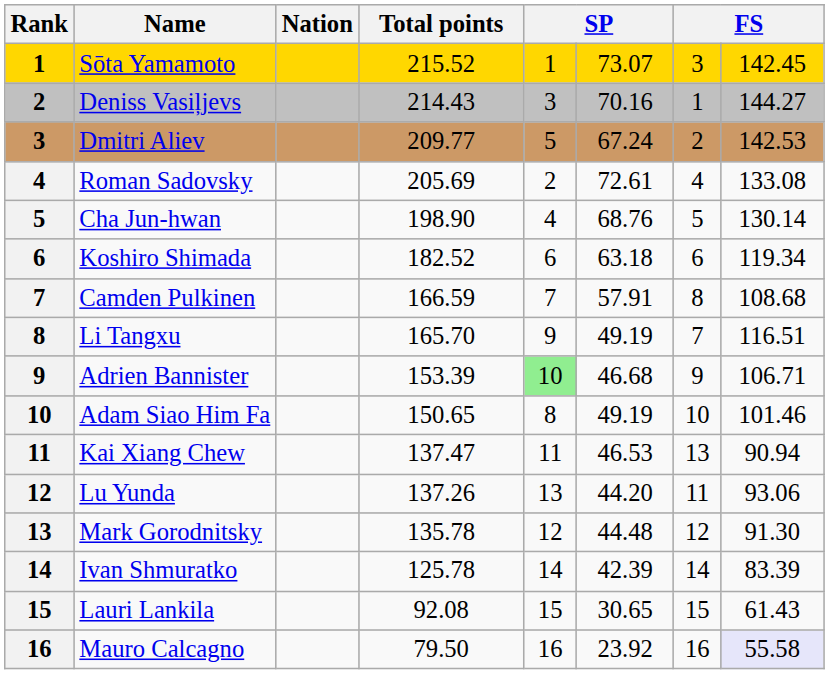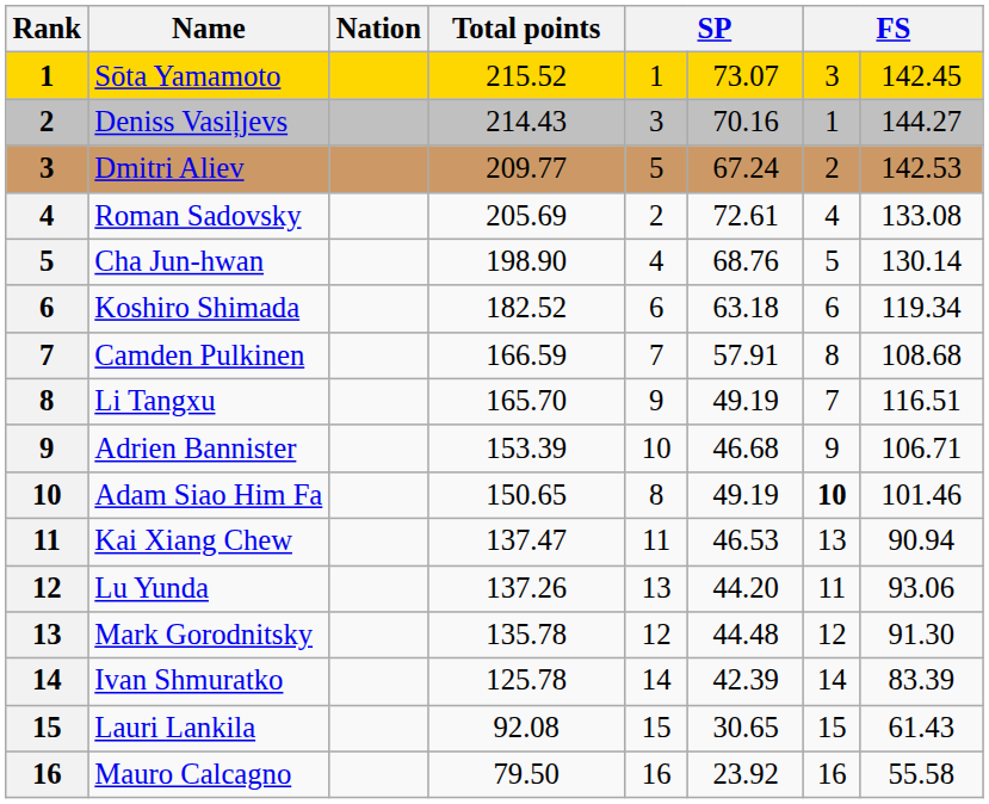 <table class="wikitable sortable">
 <tr>
 <th>Rank</th>
 <th>Name</th>
 <th>Nation</th>
 <th width="100px">Total points</th>
 <th colspan="2" width="90px"><a href='#'>SP</a></th>
 <th colspan="2" width="90px"><a href='#'>FS</a></th>
 </tr>
 <tr bgcolor="gold">
 <td align="center" bgcolor="gold"><strong>1</strong></td>
 <td><a href='#'>Sōta Yamamoto</a></td>
 <td></td>
 <td align="center">215.52</td>
 <td align="center">1</td>
 <td align="center">73.07</td>
 <td align="center">3</td>
 <td align="center">142.45</td>
 </tr>
 <tr bgcolor="silver">
 <td align="center" bgcolor="silver"><strong>2</strong></td>
 <td><a href='#'>Deniss Vasiļjevs</a></td>
 <td></td>
 <td align="center">214.43</td>
 <td align="center">3</td>
 <td align="center">70.16</td>
 <td align="center">1</td>
 <td align="center">144.27</td>
 </tr>
 <tr bgcolor="#cc9966">
 <td align="center" bgcolor="#cc9966"><strong>3</strong></td>
 <td><a href='#'>Dmitri Aliev</a></td>
 <td></td>
 <td align="center">209.77</td>
 <td align="center">5</td>
 <td align="center">67.24</td>
 <td align="center">2</td>
 <td align="center">142.53</td>
 </tr>
 <tr>
 <th>4</th>
 <td><a href='#'>Roman Sadovsky</a></td>
 <td></td>
 <td align="center">205.69</td>
 <td align="center">2</td>
 <td align="center">72.61</td>
 <td align="center">4</td>
 <td align="center">133.08</td>
 </tr>
 <tr>
 <th>5</th>
 <td><a href='#'>Cha Jun-hwan</a></td>
 <td></td>
 <td align="center">198.90</td>
 <td align="center">4</td>
 <td align="center">68.76</td>
 <td align="center">5</td>
 <td align="center">130.14</td>
 </tr>
 <tr>
 <th>6</th>
 <td><a href='#'>Koshiro Shimada</a></td>
 <td></td>
 <td align="center">182.52</td>
 <td align="center">6</td>
 <td align="center">63.18</td>
 <td align="center">6</td>
 <td align="center">119.34</td>
 </tr>
 <tr>
 <th>7</th>
 <td><a href='#'>Camden Pulkinen</a></td>
 <td></td>
 <td align="center">166.59</td>
 <td align="center">7</td>
 <td align="center">57.91</td>
 <td align="center">8</td>
 <td align="center">108.68</td>
 </tr>
 <tr>
 <th>8</th>
 <td><a href='#'>Li Tangxu</a></td>
 <td></td>
 <td align="center">165.70</td>
 <td align="center">9</td>
 <td align="center">49.19</td>
 <td align="center">7</td>
 <td align="center">116.51</td>
 </tr>
 <tr>
 <th>9</th>
 <td><a href='#'>Adrien Bannister</a></td>
 <td></td>
 <td align="center">153.39</td>
-<td align="center" style="background: lightgreen;">10</td>
+<td align="center">10</td>
 <td align="center">46.68</td>
 <td align="center">9</td>
 <td align="center">106.71</td>
 </tr>
 <tr>
 <th>10</th>
 <td><a href='#'>Adam Siao Him Fa</a></td>
 <td></td>
 <td align="center">150.65</td>
 <td align="center">8</td>
 <td align="center">49.19</td>
-<td align="center">10</td>
+<td align="center"><strong>10</strong></td>
 <td align="center">101.46</td>
 </tr>
 <tr>
 <th>11</th>
 <td><a href='#'>Kai Xiang Chew</a></td>
 <td></td>
 <td align="center">137.47</td>
 <td align="center">11</td>
 <td align="center">46.53</td>
 <td align="center">13</td>
 <td align="center">90.94</td>
 </tr>
 <tr>
 <th>12</th>
 <td><a href='#'>Lu Yunda</a></td>
 <td></td>
 <td align="center">137.26</td>
 <td align="center">13</td>
 <td align="center">44.20</td>
 <td align="center">11</td>
 <td align="center">93.06</td>
 </tr>
 <tr>
 <th>13</th>
 <td><a href='#'>Mark Gorodnitsky</a></td>
 <td></td>
 <td align="center">135.78</td>
 <td align="center">12</td>
 <td align="center">44.48</td>
 <td align="center">12</td>
 <td align="center">91.30</td>
 </tr>
 <tr>
 <th>14</th>
 <td><a href='#'>Ivan Shmuratko</a></td>
 <td></td>
 <td align="center">125.78</td>
 <td align="center">14</td>
 <td align="center">42.39</td>
 <td align="center">14</td>
 <td align="center">83.39</td>
 </tr>
 <tr>
 <th>15</th>
 <td><a href='#'>Lauri Lankila</a></td>
 <td></td>
 <td align="center">92.08</td>
 <td align="center">15</td>
 <td align="center">30.65</td>
 <td align="center">15</td>
 <td align="center">61.43</td>
 </tr>
 <tr>
 <th>16</th>
 <td><a href='#'>Mauro Calcagno</a></td>
 <td></td>
 <td align="center">79.50</td>
 <td align="center">16</td>
 <td align="center">23.92</td>
 <td align="center">16</td>
-<td align="center" style="background: lavender;">55.58</td>
+<td align="center">55.58</td>
 </tr>
 </table>
